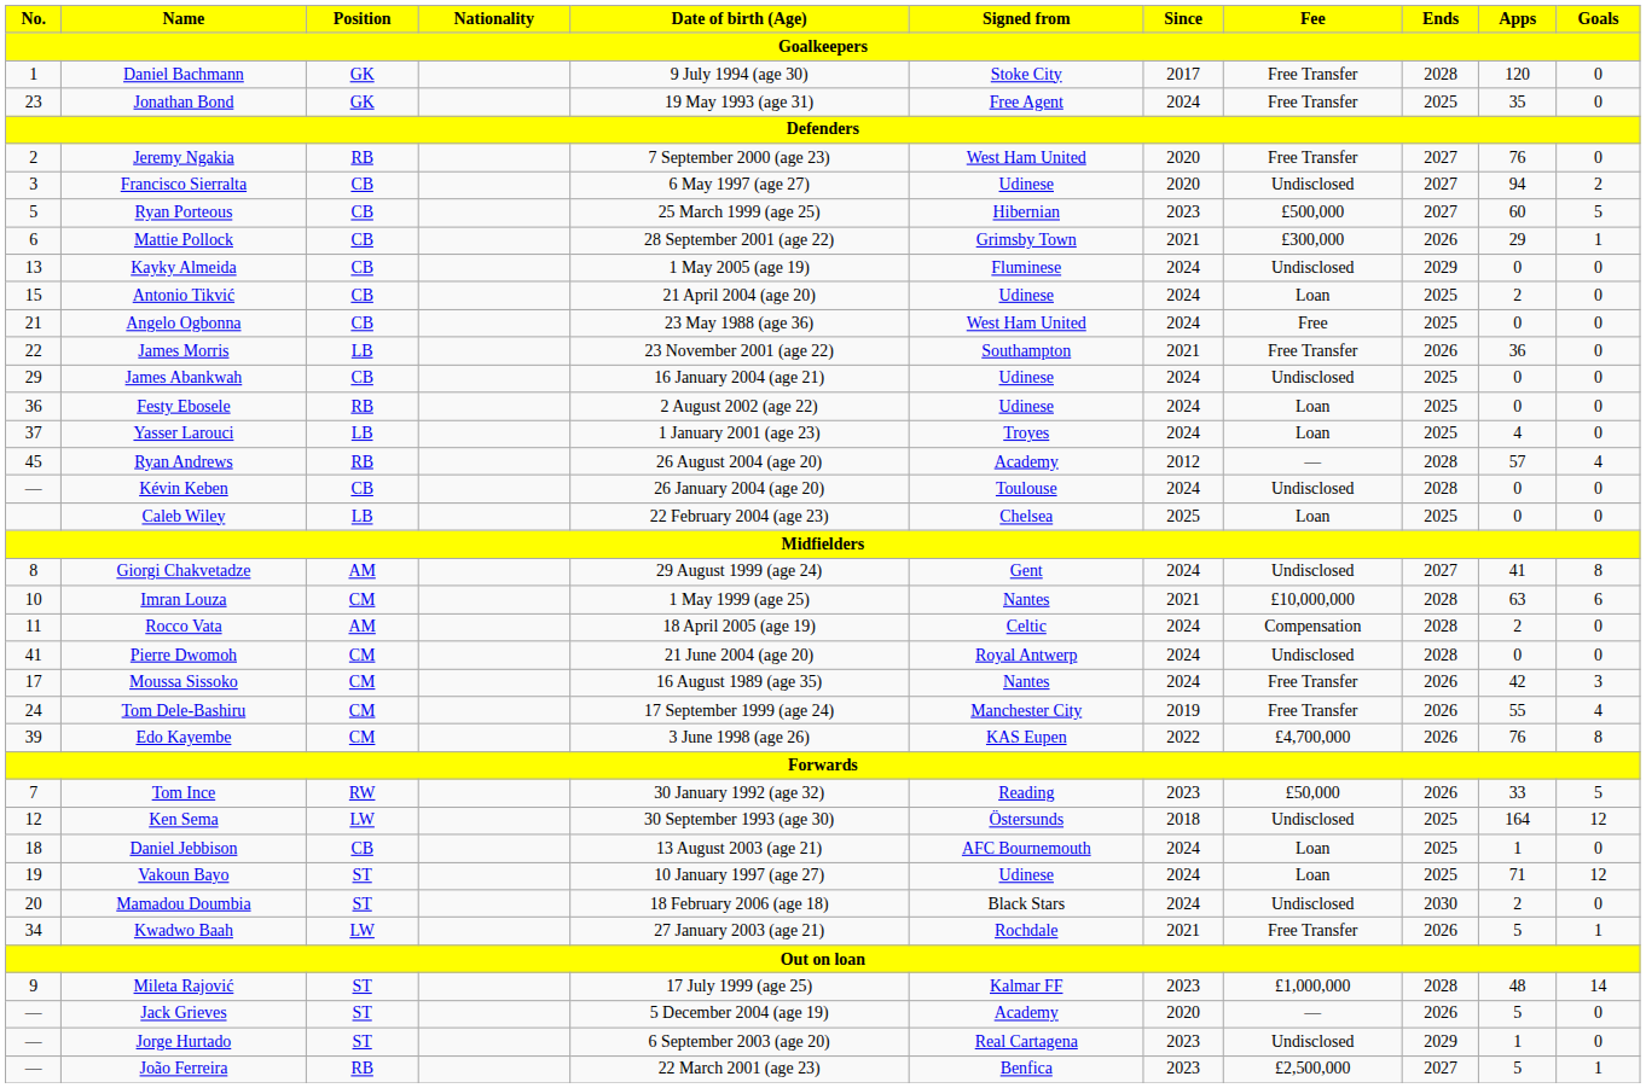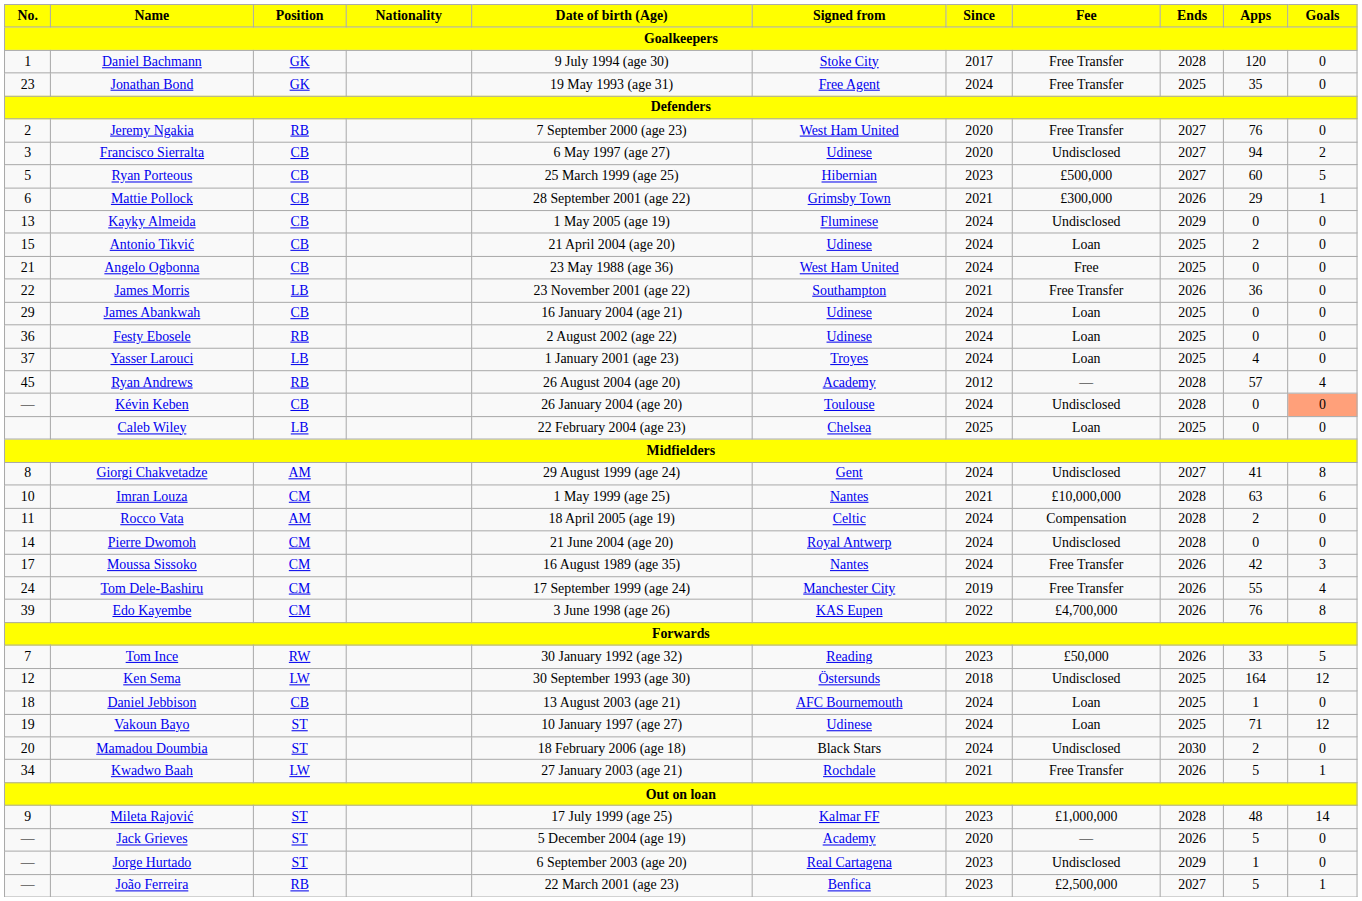 <table class="wikitable" style="text-align:center; font-size:85%; width:105%;">
 <tr>
 <th style="background:#FFFF00;color:black;">No.</th>
 <th style="background:#FFFF00;color:black;">Name</th>
 <th style="background:#FFFF00;color:black;">Position</th>
 <th style="background:#FFFF00;color:black;">Nationality</th>
 <th style="background:#FFFF00;color:black;">Date of birth (Age)</th>
 <th style="background:#FFFF00;color:black;">Signed from</th>
 <th style="background:#FFFF00;color:black;">Since</th>
 <th style="background:#FFFF00;color:black;">Fee</th>
 <th style="background:#FFFF00;color:black;">Ends</th>
 <th style="background:#FFFF00;color:black;">Apps</th>
 <th style="background:#FFFF00;color:black;">Goals</th>
 </tr>
 <tr>
 <th colspan="14" style="background:#FFFF00; color:black; text-align:center;">Goalkeepers</th>
 </tr>
 <tr>
 <td>1</td>
 <td><a href='#'>Daniel Bachmann</a></td>
 <td><a href='#'>GK</a></td>
 <td></td>
 <td>9 July 1994 (age 30)</td>
 <td><a href='#'>Stoke City</a></td>
 <td>2017</td>
 <td>Free Transfer</td>
 <td>2028</td>
 <td>120</td>
 <td>0</td>
 </tr>
 <tr>
 <td>23</td>
 <td><a href='#'>Jonathan Bond</a></td>
 <td><a href='#'>GK</a></td>
 <td></td>
 <td>19 May 1993 (age 31)</td>
 <td><a href='#'>Free Agent</a></td>
 <td>2024</td>
 <td>Free Transfer</td>
 <td>2025</td>
 <td>35</td>
 <td>0</td>
 </tr>
 <tr>
 <th colspan="14" style="background:#FFFF00; tepxt-align:center;">Defenders</th>
 </tr>
 <tr>
 <td>2</td>
 <td><a href='#'>Jeremy Ngakia</a></td>
 <td><a href='#'>RB</a></td>
 <td></td>
 <td>7 September 2000 (age 23)</td>
 <td><a href='#'>West Ham United</a></td>
 <td>2020</td>
 <td>Free Transfer</td>
 <td>2027</td>
 <td>76</td>
 <td>0</td>
 </tr>
 <tr>
 <td>3</td>
 <td><a href='#'>Francisco Sierralta</a></td>
 <td><a href='#'>CB</a></td>
 <td></td>
 <td>6 May 1997 (age 27)</td>
 <td><a href='#'>Udinese</a></td>
 <td>2020</td>
 <td>Undisclosed</td>
 <td>2027</td>
 <td>94</td>
 <td>2</td>
 </tr>
 <tr>
 <td>5</td>
 <td><a href='#'>Ryan Porteous</a></td>
 <td><a href='#'>CB</a></td>
 <td></td>
 <td>25 March 1999 (age 25)</td>
 <td><a href='#'>Hibernian</a></td>
 <td>2023</td>
 <td>£500,000</td>
 <td>2027</td>
 <td>60</td>
 <td>5</td>
 </tr>
 <tr>
 <td>6</td>
 <td><a href='#'>Mattie Pollock</a></td>
 <td><a href='#'>CB</a></td>
 <td></td>
 <td>28 September 2001 (age 22)</td>
 <td><a href='#'>Grimsby Town</a></td>
 <td>2021</td>
 <td>£300,000</td>
 <td>2026</td>
 <td>29</td>
 <td>1</td>
 </tr>
 <tr>
 <td>13</td>
 <td><a href='#'>Kayky Almeida</a></td>
 <td><a href='#'>CB</a></td>
 <td></td>
 <td>1 May 2005 (age 19)</td>
 <td><a href='#'>Fluminese</a></td>
 <td>2024</td>
 <td>Undisclosed</td>
 <td>2029</td>
 <td>0</td>
 <td>0</td>
 </tr>
 <tr>
 <td>15</td>
 <td><a href='#'>Antonio Tikvić</a></td>
 <td><a href='#'>CB</a></td>
 <td></td>
 <td>21 April 2004 (age 20)</td>
 <td><a href='#'>Udinese</a></td>
 <td>2024</td>
 <td>Loan</td>
 <td>2025</td>
 <td>2</td>
 <td>0</td>
 </tr>
 <tr>
 <td>21</td>
 <td><a href='#'>Angelo Ogbonna</a></td>
 <td><a href='#'>CB</a></td>
 <td></td>
 <td>23 May 1988 (age 36)</td>
 <td><a href='#'>West Ham United</a></td>
 <td>2024</td>
 <td>Free</td>
 <td>2025</td>
 <td>0</td>
 <td>0</td>
 </tr>
 <tr>
 <td>22</td>
 <td><a href='#'>James Morris</a></td>
 <td><a href='#'>LB</a></td>
 <td></td>
 <td>23 November 2001 (age 22)</td>
 <td><a href='#'>Southampton</a></td>
 <td>2021</td>
 <td>Free Transfer</td>
 <td>2026</td>
 <td>36</td>
 <td>0</td>
 </tr>
 <tr>
 <td>29</td>
 <td><a href='#'>James Abankwah</a></td>
 <td><a href='#'>CB</a></td>
 <td></td>
 <td>16 January 2004 (age 21)</td>
 <td><a href='#'>Udinese</a></td>
 <td>2024</td>
-<td>Undisclosed</td>
+<td>Loan</td>
 <td>2025</td>
 <td>0</td>
 <td>0</td>
 </tr>
 <tr>
 <td>36</td>
 <td><a href='#'>Festy Ebosele</a></td>
 <td><a href='#'>RB</a></td>
 <td></td>
 <td>2 August 2002 (age 22)</td>
 <td><a href='#'>Udinese</a></td>
 <td>2024</td>
 <td>Loan</td>
 <td>2025</td>
 <td>0</td>
 <td>0</td>
 </tr>
 <tr>
 <td>37</td>
 <td><a href='#'>Yasser Larouci</a></td>
 <td><a href='#'>LB</a></td>
 <td></td>
 <td>1 January 2001 (age 23)</td>
 <td><a href='#'>Troyes</a></td>
 <td>2024</td>
 <td>Loan</td>
 <td>2025</td>
 <td>4</td>
 <td>0</td>
 </tr>
 <tr>
 <td>45</td>
 <td><a href='#'>Ryan Andrews</a></td>
 <td><a href='#'>RB</a></td>
 <td></td>
 <td>26 August 2004 (age 20)</td>
 <td><a href='#'>Academy</a></td>
 <td>2012</td>
 <td>—</td>
 <td>2028</td>
 <td>57</td>
 <td>4</td>
 </tr>
 <tr>
 <td>—</td>
 <td><a href='#'>Kévin Keben</a></td>
 <td><a href='#'>CB</a></td>
 <td></td>
 <td>26 January 2004 (age 20)</td>
 <td><a href='#'>Toulouse</a></td>
 <td>2024</td>
 <td>Undisclosed</td>
 <td>2028</td>
 <td>0</td>
-<td>0</td>
+<td style="background: lightsalmon;">0</td>
 </tr>
 <tr>
 <td></td>
 <td><a href='#'>Caleb Wiley</a></td>
 <td><a href='#'>LB</a></td>
 <td></td>
 <td>22 February 2004 (age 23)</td>
 <td><a href='#'>Chelsea</a></td>
 <td>2025</td>
 <td>Loan</td>
 <td>2025</td>
 <td>0</td>
 <td>0</td>
 </tr>
 <tr>
 <th colspan="14" style="background:#FFFF00; tepxt-align:center;">Midfielders</th>
 </tr>
 <tr>
 <td>8</td>
 <td><a href='#'>Giorgi Chakvetadze</a></td>
 <td><a href='#'>AM</a></td>
 <td></td>
 <td>29 August 1999 (age 24)</td>
 <td><a href='#'>Gent</a></td>
 <td>2024</td>
 <td>Undisclosed</td>
 <td>2027</td>
 <td>41</td>
 <td>8</td>
 </tr>
 <tr>
 <td>10</td>
 <td><a href='#'>Imran Louza</a></td>
 <td><a href='#'>CM</a></td>
 <td></td>
 <td>1 May 1999 (age 25)</td>
 <td><a href='#'>Nantes</a></td>
 <td>2021</td>
 <td>£10,000,000</td>
 <td>2028</td>
 <td>63</td>
 <td>6</td>
 </tr>
 <tr>
 <td>11</td>
 <td><a href='#'>Rocco Vata</a></td>
 <td><a href='#'>AM</a></td>
 <td></td>
 <td>18 April 2005 (age 19)</td>
 <td><a href='#'>Celtic</a></td>
 <td>2024</td>
 <td>Compensation</td>
 <td>2028</td>
 <td>2</td>
 <td>0</td>
 </tr>
 <tr>
-<td>41</td>
+<td>14</td>
 <td><a href='#'>Pierre Dwomoh</a></td>
 <td><a href='#'>CM</a></td>
 <td></td>
 <td>21 June 2004 (age 20)</td>
 <td><a href='#'>Royal Antwerp</a></td>
 <td>2024</td>
 <td>Undisclosed</td>
 <td>2028</td>
 <td>0</td>
 <td>0</td>
 </tr>
 <tr>
 <td>17</td>
 <td><a href='#'>Moussa Sissoko</a></td>
 <td><a href='#'>CM</a></td>
 <td></td>
 <td>16 August 1989 (age 35)</td>
 <td><a href='#'>Nantes</a></td>
 <td>2024</td>
 <td>Free Transfer</td>
 <td>2026</td>
 <td>42</td>
 <td>3</td>
 </tr>
 <tr>
 <td>24</td>
 <td><a href='#'>Tom Dele-Bashiru</a></td>
 <td><a href='#'>CM</a></td>
 <td></td>
 <td>17 September 1999 (age 24)</td>
 <td><a href='#'>Manchester City</a></td>
 <td>2019</td>
 <td>Free Transfer</td>
 <td>2026</td>
 <td>55</td>
 <td>4</td>
 </tr>
 <tr>
 <td>39</td>
 <td><a href='#'>Edo Kayembe</a></td>
 <td><a href='#'>CM</a></td>
 <td></td>
 <td>3 June 1998 (age 26)</td>
 <td><a href='#'>KAS Eupen</a></td>
 <td>2022</td>
 <td>£4,700,000</td>
 <td>2026</td>
 <td>76</td>
 <td>8</td>
 </tr>
 <tr>
 <th colspan="14" style="background:#FFFF00; tepxt-align:center;">Forwards</th>
 </tr>
 <tr>
 <td>7</td>
 <td><a href='#'>Tom Ince</a></td>
 <td><a href='#'>RW</a></td>
 <td></td>
 <td>30 January 1992 (age 32)</td>
 <td><a href='#'>Reading</a></td>
 <td>2023</td>
 <td>£50,000</td>
 <td>2026</td>
 <td>33</td>
 <td>5</td>
 </tr>
 <tr>
 <td>12</td>
 <td><a href='#'>Ken Sema</a></td>
 <td><a href='#'>LW</a></td>
 <td></td>
 <td>30 September 1993 (age 30)</td>
 <td><a href='#'>Östersunds</a></td>
 <td>2018</td>
 <td>Undisclosed</td>
 <td>2025</td>
 <td>164</td>
 <td>12</td>
 </tr>
 <tr>
 <td>18</td>
 <td><a href='#'>Daniel Jebbison</a></td>
 <td><a href='#'>CB</a></td>
 <td></td>
 <td>13 August 2003 (age 21)</td>
 <td><a href='#'>AFC Bournemouth</a></td>
 <td>2024</td>
 <td>Loan</td>
 <td>2025</td>
 <td>1</td>
 <td>0</td>
 </tr>
 <tr>
 <td>19</td>
 <td><a href='#'>Vakoun Bayo</a></td>
 <td><a href='#'>ST</a></td>
 <td></td>
 <td>10 January 1997 (age 27)</td>
 <td><a href='#'>Udinese</a></td>
 <td>2024</td>
 <td>Loan</td>
 <td>2025</td>
 <td>71</td>
 <td>12</td>
 </tr>
 <tr>
 <td>20</td>
 <td><a href='#'>Mamadou Doumbia</a></td>
 <td><a href='#'>ST</a></td>
 <td></td>
 <td>18 February 2006 (age 18)</td>
 <td>Black Stars</td>
 <td>2024</td>
 <td>Undisclosed</td>
 <td>2030</td>
 <td>2</td>
 <td>0</td>
 </tr>
 <tr>
 <td>34</td>
 <td><a href='#'>Kwadwo Baah</a></td>
 <td><a href='#'>LW</a></td>
 <td></td>
 <td>27 January 2003 (age 21)</td>
 <td><a href='#'>Rochdale</a></td>
 <td>2021</td>
 <td>Free Transfer</td>
 <td>2026</td>
 <td>5</td>
 <td>1</td>
 </tr>
 <tr>
 <th colspan="14" style="background:#FFFF00; color:black; text-align:center;">Out on loan</th>
 </tr>
 <tr>
 <td>9</td>
 <td><a href='#'>Mileta Rajović</a></td>
 <td><a href='#'>ST</a></td>
 <td></td>
 <td>17 July 1999 (age 25)</td>
 <td><a href='#'>Kalmar FF</a></td>
 <td>2023</td>
 <td>£1,000,000</td>
 <td>2028</td>
 <td>48</td>
 <td>14</td>
 </tr>
 <tr>
 <td>—</td>
 <td><a href='#'>Jack Grieves</a></td>
 <td><a href='#'>ST</a></td>
 <td></td>
 <td>5 December 2004 (age 19)</td>
 <td><a href='#'>Academy</a></td>
 <td>2020</td>
 <td>—</td>
 <td>2026</td>
 <td>5</td>
 <td>0</td>
 </tr>
 <tr>
 <td>—</td>
 <td><a href='#'>Jorge Hurtado</a></td>
 <td><a href='#'>ST</a></td>
 <td></td>
 <td>6 September 2003 (age 20)</td>
 <td><a href='#'>Real Cartagena</a></td>
 <td>2023</td>
 <td>Undisclosed</td>
 <td>2029</td>
 <td>1</td>
 <td>0</td>
 </tr>
 <tr>
 <td>—</td>
 <td><a href='#'>João Ferreira</a></td>
 <td><a href='#'>RB</a></td>
 <td></td>
 <td>22 March 2001 (age 23)</td>
 <td><a href='#'>Benfica</a></td>
 <td>2023</td>
 <td>£2,500,000</td>
 <td>2027</td>
 <td>5</td>
 <td>1</td>
 </tr>
 </table>
